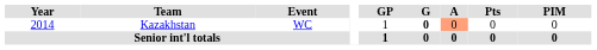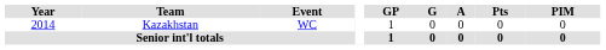 <table BORDER="0" CELLPADDING="0" CELLSPACING="0" width="40%">
 <tr ALIGN="center" bgcolor="#e0e0e0">
 <th>Year</th>
 <th>Team</th>
 <th>Event</th>
 <th ALIGN="center" rowspan="99" bgcolor="#ffffff"> </th>
 <th>GP</th>
 <th>G</th>
 <th>A</th>
 <th>Pts</th>
 <th>PIM</th>
 </tr>
 <tr ALIGN="center">
 <td><a href='#'>2014</a></td>
 <td><a href='#'>Kazakhstan</a></td>
 <td><a href='#'>WC</a></td>
 <td>1</td>
-<td><strong>0</strong></td>
-<td style="background: lightsalmon;">0</td>
+<td>0</td>
+<td>0</td>
 <td>0</td>
 <td>0</td>
 </tr>
 <tr style="text-align:center; background:#e0e0e0;">
 <th colspan=3>Senior int'l totals</th>
 <th>1</th>
 <th>0</th>
 <th>0</th>
 <th>0</th>
 <th>0</th>
 </tr>
 </table>
